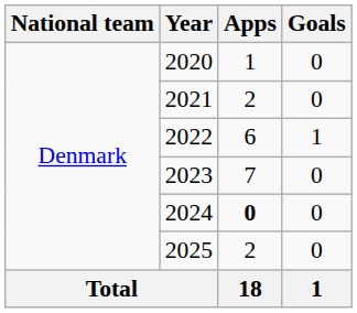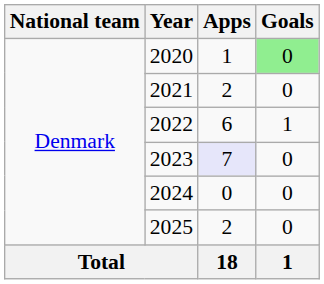 <table class="wikitable" style="text-align:center">
 <tr>
 <th>National team</th>
 <th>Year</th>
 <th>Apps</th>
 <th>Goals</th>
 </tr>
 <tr>
 <td rowspan="6"><a href='#'>Denmark</a></td>
 <td>2020</td>
 <td>1</td>
-<td>0</td>
+<td style="background: lightgreen;">0</td>
 </tr>
 <tr>
 <td>2021</td>
 <td>2</td>
 <td>0</td>
 </tr>
 <tr>
 <td>2022</td>
 <td>6</td>
 <td>1</td>
 </tr>
 <tr>
 <td>2023</td>
-<td>7</td>
+<td style="background: lavender;">7</td>
 <td>0</td>
 </tr>
 <tr>
 <td>2024</td>
-<td><strong>0</strong></td>
+<td>0</td>
 <td>0</td>
 </tr>
 <tr>
 <td>2025</td>
 <td>2</td>
 <td>0</td>
 </tr>
 <tr>
 <th colspan="2">Total</th>
 <th>18</th>
 <th>1</th>
 </tr>
 </table>
